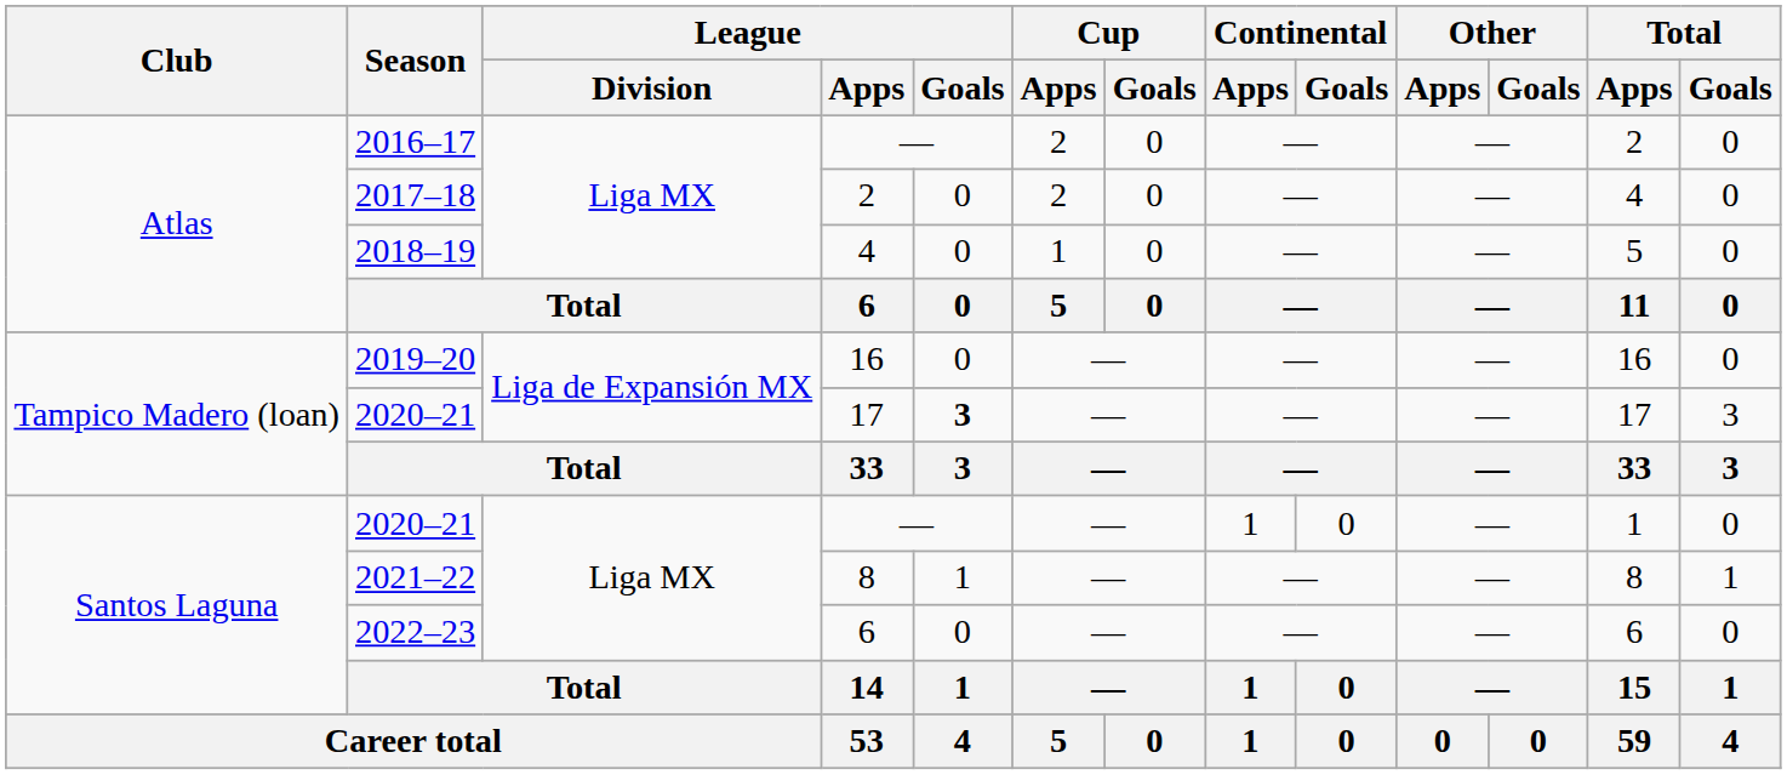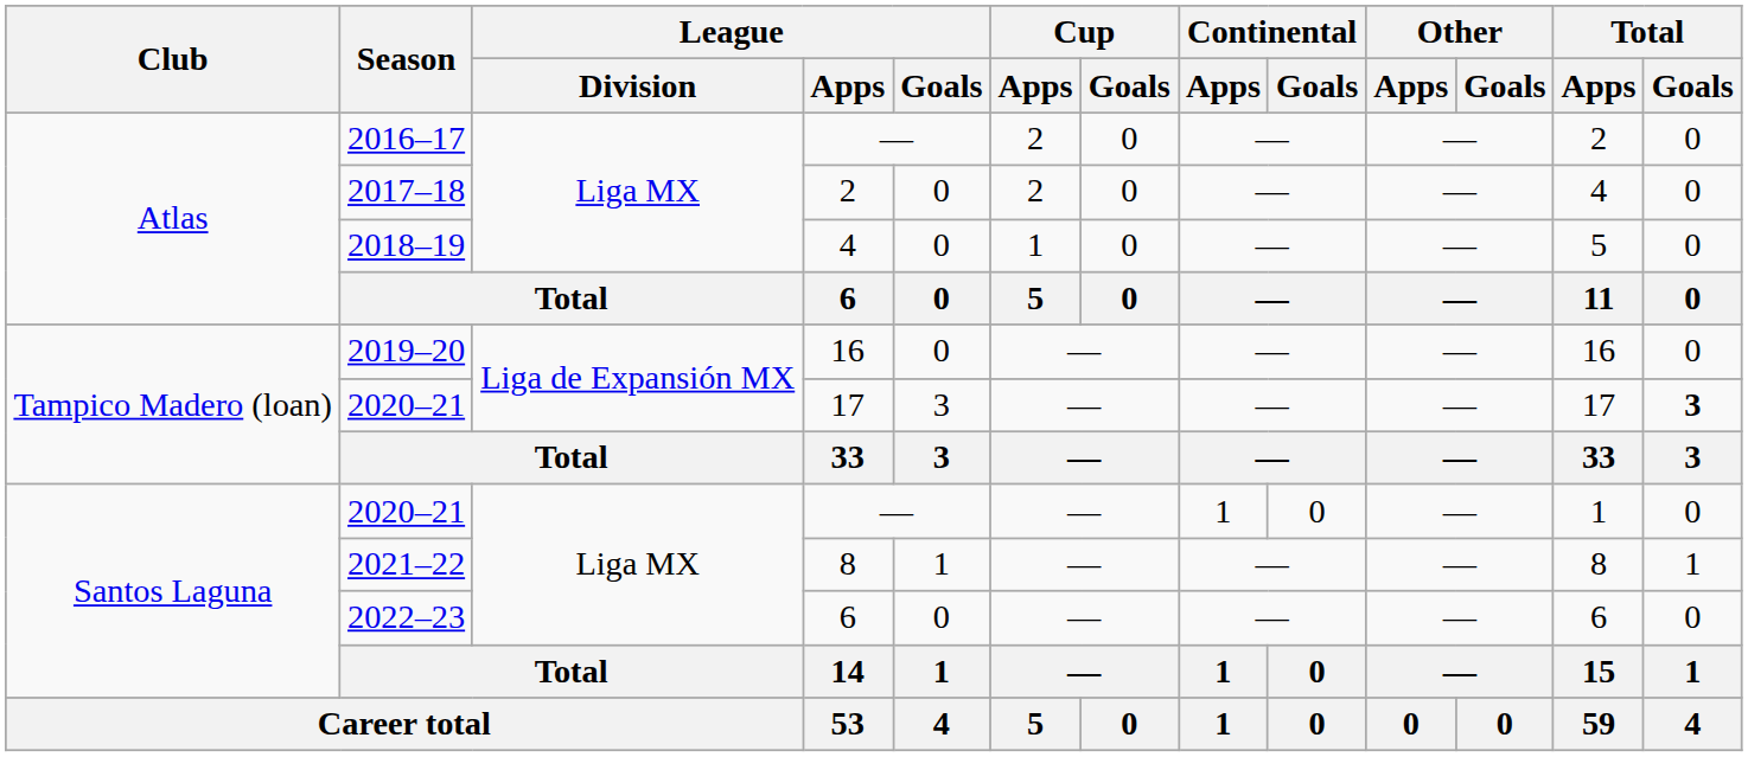 <table class="wikitable" style="text-align:center">
 <tr>
 <th rowspan="2">Club</th>
 <th rowspan="2">Season</th>
 <th colspan="3">League</th>
 <th colspan="2">Cup</th>
 <th colspan="2">Continental</th>
 <th colspan="2">Other</th>
 <th colspan="2">Total</th>
 </tr>
 <tr>
 <th>Division</th>
 <th>Apps</th>
 <th>Goals</th>
 <th>Apps</th>
 <th>Goals</th>
 <th>Apps</th>
 <th>Goals</th>
 <th>Apps</th>
 <th>Goals</th>
 <th>Apps</th>
 <th>Goals</th>
 </tr>
 <tr>
 <td rowspan="4"><a href='#'>Atlas</a></td>
 <td><a href='#'>2016–17</a></td>
 <td rowspan="3"><a href='#'>Liga MX</a></td>
 <td colspan="2">—</td>
 <td>2</td>
 <td>0</td>
 <td colspan="2">—</td>
 <td colspan="2">—</td>
 <td>2</td>
 <td>0</td>
 </tr>
 <tr>
 <td><a href='#'>2017–18</a></td>
 <td>2</td>
 <td>0</td>
 <td>2</td>
 <td>0</td>
 <td colspan="2">—</td>
 <td colspan="2">—</td>
 <td>4</td>
 <td>0</td>
 </tr>
 <tr>
 <td><a href='#'>2018–19</a></td>
 <td>4</td>
 <td>0</td>
 <td>1</td>
 <td>0</td>
 <td colspan="2">—</td>
 <td colspan="2">—</td>
 <td>5</td>
 <td>0</td>
 </tr>
 <tr>
 <th colspan="2">Total</th>
 <th>6</th>
 <th>0</th>
 <th>5</th>
 <th>0</th>
 <th colspan="2">—</th>
 <th colspan="2">—</th>
 <th>11</th>
 <th>0</th>
 </tr>
 <tr>
 <td rowspan="3"><a href='#'>Tampico Madero</a> (loan)</td>
 <td><a href='#'>2019–20</a></td>
 <td rowspan="2"><a href='#'>Liga de Expansión MX</a></td>
 <td>16</td>
 <td>0</td>
 <td colspan="2">—</td>
 <td colspan="2">—</td>
 <td colspan="2">—</td>
 <td>16</td>
 <td>0</td>
 </tr>
 <tr>
 <td><a href='#'>2020–21</a></td>
 <td>17</td>
-<td><strong>3</strong></td>
+<td>3</td>
 <td colspan="2">—</td>
 <td colspan="2">—</td>
 <td colspan="2">—</td>
 <td>17</td>
-<td>3</td>
+<td><strong>3</strong></td>
 </tr>
 <tr>
 <th colspan="2">Total</th>
 <th>33</th>
 <th>3</th>
 <th colspan="2">—</th>
 <th colspan="2">—</th>
 <th colspan="2">—</th>
 <th>33</th>
 <th>3</th>
 </tr>
 <tr>
 <td rowspan="4"><a href='#'>Santos Laguna</a></td>
 <td><a href='#'>2020–21</a></td>
 <td rowspan="3">Liga MX</td>
 <td colspan="2">—</td>
 <td colspan="2">—</td>
 <td>1</td>
 <td>0</td>
 <td colspan="2">—</td>
 <td>1</td>
 <td>0</td>
 </tr>
 <tr>
 <td><a href='#'>2021–22</a></td>
 <td>8</td>
 <td>1</td>
 <td colspan="2">—</td>
 <td colspan="2">—</td>
 <td colspan="2">—</td>
 <td>8</td>
 <td>1</td>
 </tr>
 <tr>
 <td><a href='#'>2022–23</a></td>
 <td>6</td>
 <td>0</td>
 <td colspan="2">—</td>
 <td colspan="2">—</td>
 <td colspan="2">—</td>
 <td>6</td>
 <td>0</td>
 </tr>
 <tr>
 <th colspan="2">Total</th>
 <th>14</th>
 <th>1</th>
 <th colspan="2">—</th>
 <th>1</th>
 <th>0</th>
 <th colspan="2">—</th>
 <th>15</th>
 <th>1</th>
 </tr>
 <tr>
 <th colspan="3">Career total</th>
 <th>53</th>
 <th>4</th>
 <th>5</th>
 <th>0</th>
 <th>1</th>
 <th>0</th>
 <th>0</th>
 <th>0</th>
 <th>59</th>
 <th>4</th>
 </tr>
 </table>
